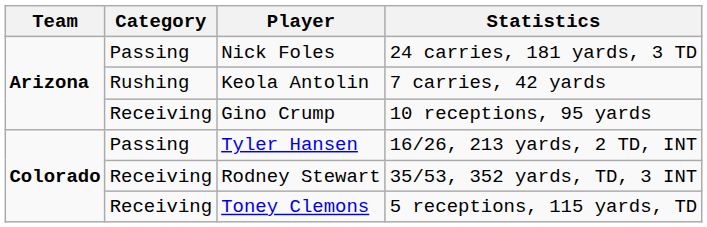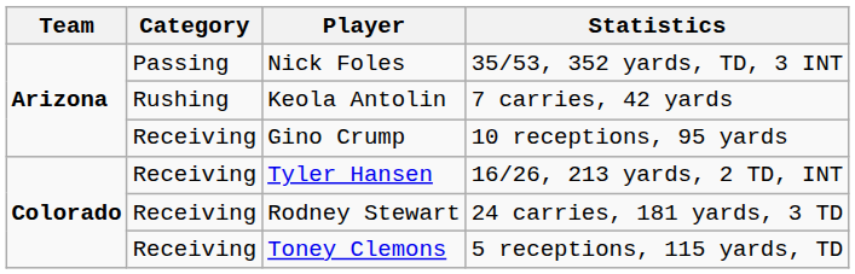 <table class="wikitable" style="float: right;">
 <tr>
 <th>Team</th>
 <th>Category</th>
 <th>Player</th>
 <th>Statistics</th>
 </tr>
 <tr>
 <td rowspan=3><strong>Arizona</strong></td>
 <td>Passing</td>
 <td>Nick Foles</td>
-<td>24 carries, 181 yards, 3 TD</td>
+<td>35/53, 352 yards, TD, 3 INT</td>
 </tr>
 <tr>
 <td>Rushing</td>
 <td>Keola Antolin</td>
 <td>7 carries, 42 yards</td>
 </tr>
 <tr>
 <td>Receiving</td>
 <td>Gino Crump</td>
 <td>10 receptions, 95 yards</td>
 </tr>
 <tr>
 <td rowspan=3><strong>Colorado</strong></td>
-<td>Passing</td>
+<td>Receiving</td>
 <td><a href='#'>Tyler Hansen</a></td>
 <td>16/26, 213 yards, 2 TD, INT</td>
 </tr>
 <tr>
 <td>Receiving</td>
 <td>Rodney Stewart</td>
-<td>35/53, 352 yards, TD, 3 INT</td>
+<td>24 carries, 181 yards, 3 TD</td>
 </tr>
 <tr>
 <td>Receiving</td>
 <td><a href='#'>Toney Clemons</a></td>
 <td>5 receptions, 115 yards, TD</td>
 </tr>
 </table>
